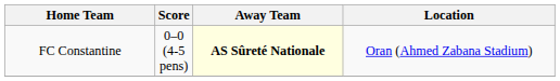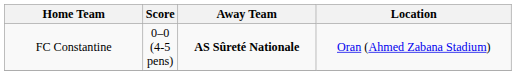 <table class="wikitable" style="text-align:center;">
 <tr>
 <th width=175>Home Team</th>
 <th width=20>Score</th>
 <th width=175>Away Team</th>
 <th width=250>Location</th>
 </tr>
 <tr>
 <td>FC Constantine</td>
 <td>0–0 (4-5 pens)</td>
-<td style="background: lightyellow;"><strong>AS Sûreté Nationale</strong></td>
+<td><strong>AS Sûreté Nationale</strong></td>
 <td><a href='#'>Oran</a> (<a href='#'>Ahmed Zabana Stadium</a>)</td>
 </tr>
 <tr>
 </tr>
 </table>
